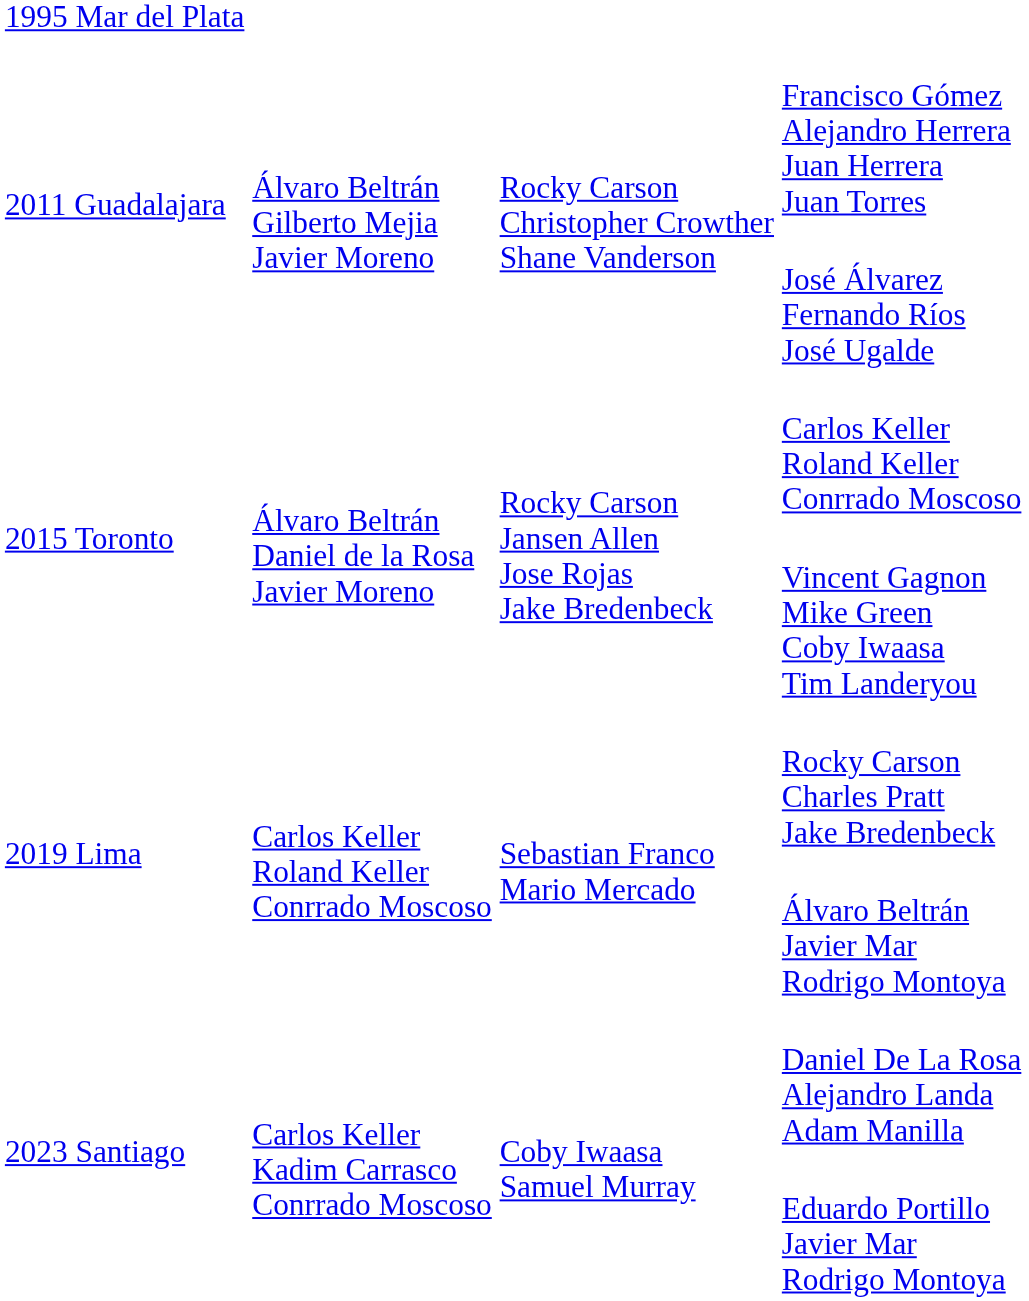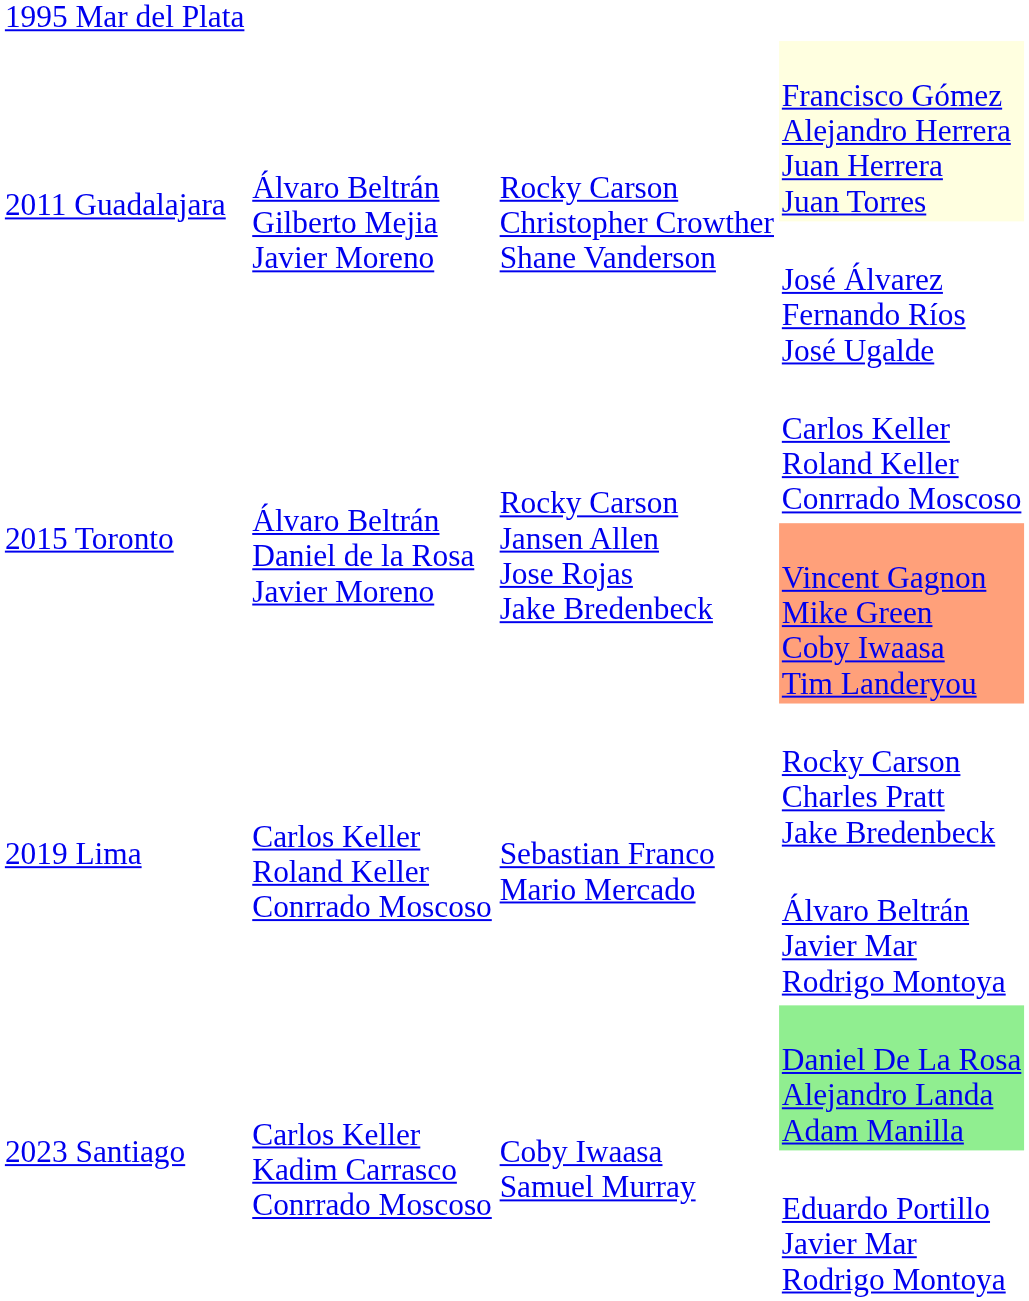 <table>
 <tr>
 <td><a href='#'>1995 Mar del Plata</a><br></td>
 <td></td>
 <td></td>
 <td></td>
 </tr>
 <tr>
 <td rowspan=2><a href='#'>2011 Guadalajara</a><br></td>
 <td rowspan=2><br><a href='#'>Álvaro Beltrán</a><br><a href='#'>Gilberto Mejia</a><br><a href='#'>Javier Moreno</a></td>
 <td rowspan=2><br><a href='#'>Rocky Carson</a><br><a href='#'>Christopher Crowther</a><br><a href='#'>Shane Vanderson</a></td>
-<td><br><a href='#'>Francisco Gómez</a><br><a href='#'>Alejandro Herrera</a><br><a href='#'>Juan Herrera</a><br><a href='#'>Juan Torres</a></td>
+<td style="background: lightyellow;"><br><a href='#'>Francisco Gómez</a><br><a href='#'>Alejandro Herrera</a><br><a href='#'>Juan Herrera</a><br><a href='#'>Juan Torres</a></td>
 </tr>
 <tr>
 <td><br><a href='#'>José Álvarez</a><br><a href='#'>Fernando Ríos</a><br><a href='#'>José Ugalde</a></td>
 </tr>
 <tr>
 <td rowspan=2><a href='#'>2015 Toronto</a><br></td>
 <td rowspan=2><br><a href='#'>Álvaro Beltrán</a><br><a href='#'>Daniel de la Rosa</a><br><a href='#'>Javier Moreno</a></td>
 <td rowspan=2><br><a href='#'>Rocky Carson</a><br><a href='#'>Jansen Allen</a><br><a href='#'>Jose Rojas</a><br><a href='#'>Jake Bredenbeck</a></td>
 <td><br><a href='#'>Carlos Keller</a><br><a href='#'>Roland Keller</a><br><a href='#'>Conrrado Moscoso</a></td>
 </tr>
 <tr>
-<td><br><a href='#'>Vincent Gagnon</a><br><a href='#'>Mike Green</a><br><a href='#'>Coby Iwaasa</a><br><a href='#'>Tim Landeryou</a></td>
+<td style="background: lightsalmon;"><br><a href='#'>Vincent Gagnon</a><br><a href='#'>Mike Green</a><br><a href='#'>Coby Iwaasa</a><br><a href='#'>Tim Landeryou</a></td>
 </tr>
 <tr>
 <td rowspan=2><a href='#'>2019 Lima</a><br></td>
 <td rowspan=2><br><a href='#'>Carlos Keller</a><br><a href='#'>Roland Keller</a><br><a href='#'>Conrrado Moscoso</a></td>
 <td rowspan=2><br><a href='#'>Sebastian Franco</a><br><a href='#'>Mario Mercado</a></td>
 <td><br><a href='#'>Rocky Carson</a><br><a href='#'>Charles Pratt</a><br><a href='#'>Jake Bredenbeck</a></td>
 </tr>
 <tr>
 <td><br><a href='#'>Álvaro Beltrán</a><br><a href='#'>Javier Mar</a><br><a href='#'>Rodrigo Montoya</a></td>
 </tr>
 <tr>
 <td rowspan=2><a href='#'>2023 Santiago</a><br></td>
 <td rowspan=2><br><a href='#'>Carlos Keller</a><br><a href='#'>Kadim Carrasco</a><br><a href='#'>Conrrado Moscoso</a></td>
 <td rowspan=2><br><a href='#'>Coby Iwaasa</a><br><a href='#'>Samuel Murray</a></td>
-<td><br><a href='#'>Daniel De La Rosa</a><br><a href='#'>Alejandro Landa</a><br><a href='#'>Adam Manilla</a></td>
+<td style="background: lightgreen;"><br><a href='#'>Daniel De La Rosa</a><br><a href='#'>Alejandro Landa</a><br><a href='#'>Adam Manilla</a></td>
 </tr>
 <tr>
 <td><br><a href='#'>Eduardo Portillo</a><br><a href='#'>Javier Mar</a><br><a href='#'>Rodrigo Montoya</a></td>
 </tr>
 </table>
